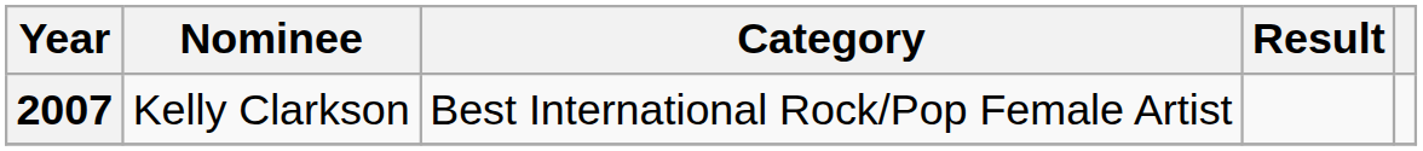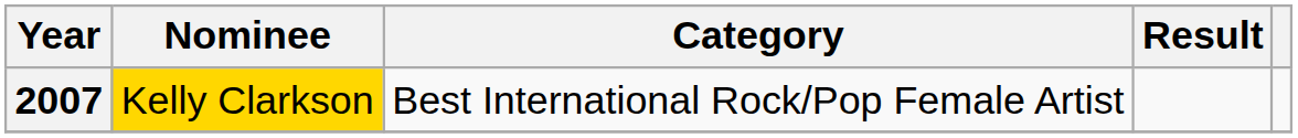 <table class="wikitable plainrowheaders">
 <tr>
 <th>Year</th>
 <th>Nominee</th>
 <th>Category</th>
 <th>Result</th>
 <th></th>
 </tr>
 <tr>
 <th scope="row">2007</th>
-<td>Kelly Clarkson</td>
+<td style="background: gold;">Kelly Clarkson</td>
 <td>Best International Rock/Pop Female Artist</td>
 <td></td>
 <td align="center"></td>
 </tr>
 <tr>
 </tr>
 </table>
